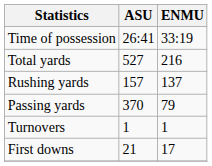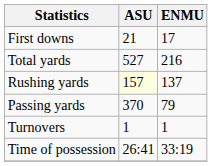 <table class="wikitable">
 <tr>
 <th>Statistics</th>
 <th>ASU</th>
 <th>ENMU</th>
 </tr>
 <tr>
-<td>Time of possession</td>
-<td>26:41</td>
-<td>33:19</td>
+<td>First downs</td>
+<td>21</td>
+<td>17</td>
 </tr>
 <tr>
 <td>Total yards</td>
 <td>527</td>
 <td>216</td>
 </tr>
 <tr>
 <td>Rushing yards</td>
-<td>157</td>
+<td style="background: lightyellow;">157</td>
 <td>137</td>
 </tr>
 <tr>
 <td>Passing yards</td>
 <td>370</td>
 <td>79</td>
 </tr>
 <tr>
 <td>Turnovers</td>
 <td>1</td>
 <td>1</td>
 </tr>
 <tr>
-<td>First downs</td>
-<td>21</td>
-<td>17</td>
+<td>Time of possession</td>
+<td>26:41</td>
+<td>33:19</td>
 </tr>
 <tr>
 </tr>
 </table>
